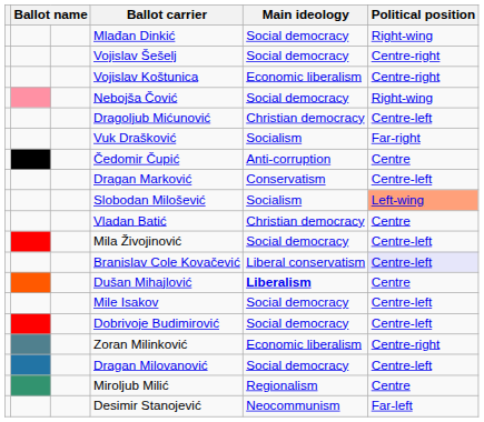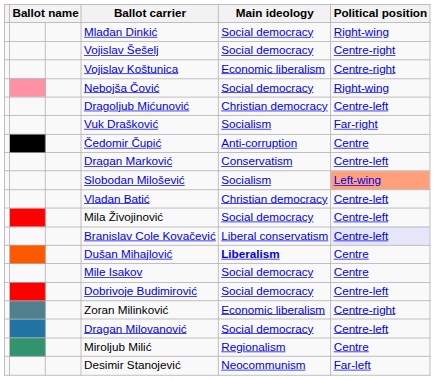 <table class="wikitable">
 <tr>
 <th></th>
 <th colspan="2">Ballot name</th>
 <th>Ballot carrier</th>
 <th>Main ideology</th>
 <th>Political position</th>
 </tr>
 <tr>
 <td></td>
 <td style="background:"></td>
 <td></td>
 <td><a href='#'>Mlađan Dinkić</a></td>
 <td><a href='#'>Social democracy</a></td>
 <td><a href='#'>Right-wing</a></td>
 </tr>
 <tr>
 <td></td>
 <td style="background:"></td>
 <td></td>
 <td><a href='#'>Vojislav Šešelj</a></td>
 <td><a href='#'>Social democracy</a></td>
 <td><a href='#'>Centre-right</a></td>
 </tr>
 <tr>
 <td></td>
 <td style="background:"></td>
 <td></td>
 <td><a href='#'>Vojislav Koštunica</a></td>
 <td><a href='#'>Economic liberalism</a></td>
 <td><a href='#'>Centre-right</a></td>
 </tr>
 <tr>
 <td></td>
 <td style="background:#FF91A4"></td>
 <td></td>
 <td><a href='#'>Nebojša Čović</a></td>
 <td><a href='#'>Social democracy</a></td>
 <td><a href='#'>Right-wing</a></td>
 </tr>
 <tr>
 <td></td>
 <td style="background:"></td>
 <td></td>
 <td><a href='#'>Dragoljub Mićunović</a></td>
 <td><a href='#'>Christian democracy</a></td>
 <td><a href='#'>Centre-left</a></td>
 </tr>
 <tr>
 <td></td>
 <td style="background:"></td>
 <td></td>
 <td><a href='#'>Vuk Drašković</a></td>
 <td><a href='#'>Socialism</a></td>
 <td><a href='#'>Far-right</a></td>
 </tr>
 <tr>
 <td></td>
 <td style="background:black"></td>
 <td></td>
 <td><a href='#'>Čedomir Čupić</a></td>
 <td><a href='#'>Anti-corruption</a></td>
 <td><a href='#'>Centre</a></td>
 </tr>
 <tr>
 <td></td>
 <td style="background:"></td>
 <td></td>
 <td><a href='#'>Dragan Marković</a></td>
 <td><a href='#'>Conservatism</a></td>
 <td><a href='#'>Centre-left</a></td>
 </tr>
 <tr>
 <td></td>
 <td style="background:"></td>
 <td></td>
 <td><a href='#'>Slobodan Milošević</a></td>
 <td><a href='#'>Socialism</a></td>
 <td style="background: lightsalmon;"><a href='#'>Left-wing</a></td>
 </tr>
 <tr>
 <td></td>
 <td style="background:"></td>
 <td></td>
 <td><a href='#'>Vladan Batić</a></td>
 <td><a href='#'>Christian democracy</a></td>
-<td><a href='#'>Centre</a></td>
+<td><a href='#'>Centre-left</a></td>
 </tr>
 <tr>
 <td></td>
 <td style="background:red"></td>
 <td></td>
 <td>Mila Živojinović</td>
 <td><a href='#'>Social democracy</a></td>
 <td><a href='#'>Centre-left</a></td>
 </tr>
 <tr>
 <td></td>
 <td style="background:"></td>
 <td></td>
 <td><a href='#'>Branislav Cole Kovačević</a></td>
 <td><a href='#'>Liberal conservatism</a></td>
 <td style="background: lavender;"><a href='#'>Centre-left</a></td>
 </tr>
 <tr>
 <td></td>
 <td style="background:#FF5900"></td>
 <td></td>
 <td><a href='#'>Dušan Mihajlović</a></td>
 <td><strong><a href='#'>Liberalism</a></strong></td>
 <td><a href='#'>Centre</a></td>
 </tr>
 <tr>
 <td></td>
 <td style="background:"></td>
 <td></td>
 <td><a href='#'>Mile Isakov</a></td>
 <td><a href='#'>Social democracy</a></td>
-<td><a href='#'>Centre-left</a></td>
+<td><a href='#'>Centre</a></td>
 </tr>
 <tr>
 <td></td>
 <td style="background:red"></td>
 <td></td>
 <td><a href='#'>Dobrivoje Budimirović</a></td>
 <td><a href='#'>Social democracy</a></td>
 <td><a href='#'>Centre-left</a></td>
 </tr>
 <tr>
 <td></td>
 <td style="background:#50808E"></td>
 <td></td>
 <td>Zoran Milinković</td>
 <td><a href='#'>Economic liberalism</a></td>
 <td><a href='#'>Centre-right</a></td>
 </tr>
 <tr>
 <td></td>
 <td style="background:#2274A5"></td>
 <td></td>
 <td><a href='#'>Dragan Milovanović</a></td>
 <td><a href='#'>Social democracy</a></td>
 <td><a href='#'>Centre-left</a></td>
 </tr>
 <tr>
 <td></td>
 <td style="background:#32936F"></td>
 <td></td>
 <td>Miroljub Milić</td>
 <td><a href='#'>Regionalism</a></td>
 <td><a href='#'>Centre</a></td>
 </tr>
 <tr>
 <td></td>
 <td style="background:"></td>
 <td></td>
 <td>Desimir Stanojević</td>
 <td><a href='#'>Neocommunism</a></td>
 <td><a href='#'>Far-left</a></td>
 </tr>
 </table>
